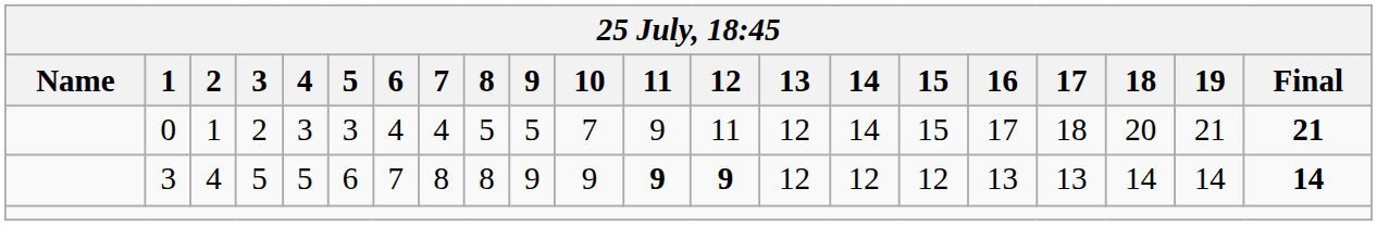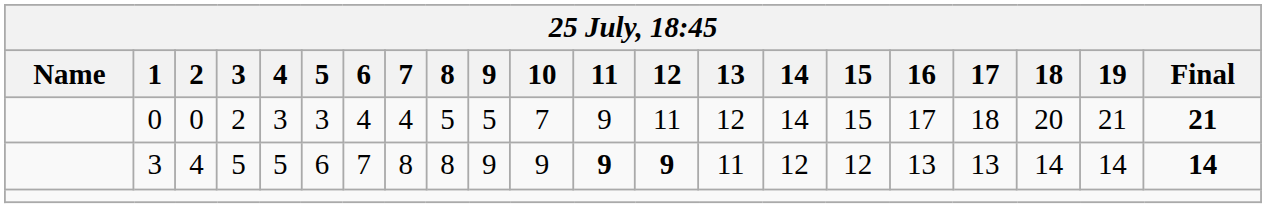 <table class=wikitable style="text-align:center; width: 55%">
 <tr>
 <th colspan=21><em>25 July, 18:45</em></th>
 </tr>
 <tr>
 <th>Name</th>
 <th>1</th>
 <th>2</th>
 <th>3</th>
 <th>4</th>
 <th>5</th>
 <th>6</th>
 <th>7</th>
 <th>8</th>
 <th>9</th>
 <th>10</th>
 <th>11</th>
 <th>12</th>
 <th>13</th>
 <th>14</th>
 <th>15</th>
 <th>16</th>
 <th>17</th>
 <th>18</th>
 <th>19</th>
 <th>Final</th>
 </tr>
 <tr>
 <td align=left><strong></strong></td>
 <td>0</td>
-<td>1</td>
+<td>0</td>
 <td>2</td>
 <td>3</td>
 <td>3</td>
 <td>4</td>
 <td>4</td>
 <td>5</td>
 <td>5</td>
 <td>7</td>
 <td>9</td>
 <td>11</td>
 <td>12</td>
 <td>14</td>
 <td>15</td>
 <td>17</td>
 <td>18</td>
 <td>20</td>
 <td>21</td>
 <td><strong>21</strong></td>
 </tr>
 <tr>
 <td align=left></td>
 <td>3</td>
 <td>4</td>
 <td>5</td>
 <td>5</td>
 <td>6</td>
 <td>7</td>
 <td>8</td>
 <td>8</td>
 <td>9</td>
 <td>9</td>
 <td><strong>9</strong></td>
 <td><strong>9</strong></td>
-<td>12</td>
+<td>11</td>
 <td>12</td>
 <td>12</td>
 <td>13</td>
 <td>13</td>
 <td>14</td>
 <td>14</td>
 <td><strong>14</strong></td>
 </tr>
 <tr>
 <td colspan=21></td>
 </tr>
 </table>
